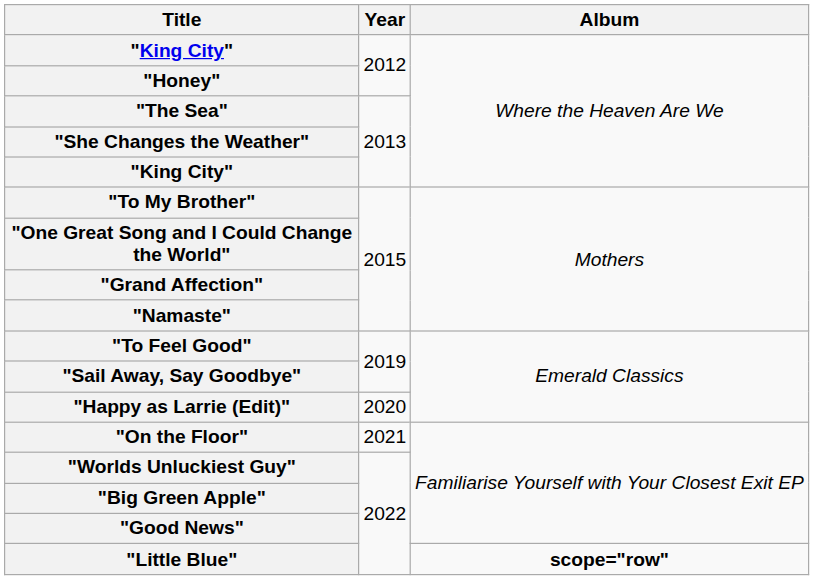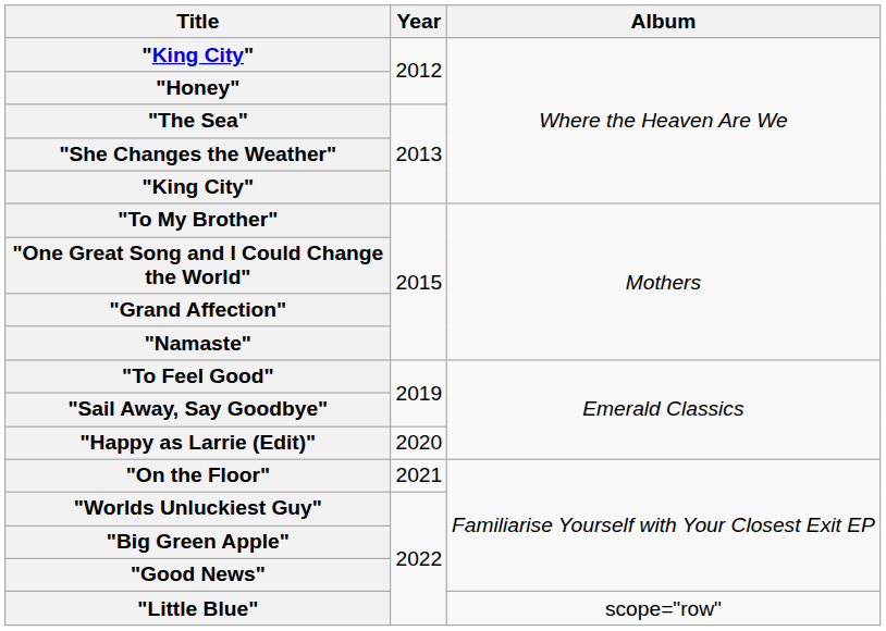 <table class="wikitable plainrowheaders" style="text-align:center;">
 <tr>
 <th scope="col" style="width:18em;">Title</th>
 <th scope="col" style="width:1em;">Year</th>
 <th scope="col">Album</th>
 </tr>
 <tr>
 <th scope="row">"<a href='#'>King City</a>"<br></th>
 <td rowspan="2">2012</td>
 <td rowspan="5"><em>Where the Heaven Are We</em></td>
 </tr>
 <tr>
 <th scope="row">"Honey"</th>
 </tr>
 <tr>
 <th scope="row">"The Sea"</th>
 <td rowspan="3">2013</td>
 </tr>
 <tr>
 <th scope="row">"She Changes the Weather"</th>
 </tr>
 <tr>
 <th scope="row">"King City" </th>
 </tr>
 <tr>
 <th scope="row">"To My Brother"</th>
 <td rowspan="4">2015</td>
 <td rowspan="4"><em>Mothers</em></td>
 </tr>
 <tr>
 <th scope="row">"One Great Song and I Could Change the World"</th>
 </tr>
 <tr>
 <th scope="row">"Grand Affection"</th>
 </tr>
 <tr>
 <th scope="row">"Namaste"</th>
 </tr>
 <tr>
 <th scope="row">"To Feel Good"</th>
 <td rowspan="2">2019</td>
 <td rowspan="3"><em>Emerald Classics</em></td>
 </tr>
 <tr>
 <th scope="row">"Sail Away, Say Goodbye"</th>
 </tr>
 <tr>
 <th scope="row">"Happy as Larrie (Edit)"</th>
 <td rowspan="1">2020</td>
 </tr>
 <tr>
 <th scope="row">"On the Floor" </th>
 <td rowspan="1">2021</td>
 <td rowspan="4"><em>Familiarise Yourself with Your Closest Exit EP</em></td>
 </tr>
 <tr>
 <th scope="row">"Worlds Unluckiest Guy" </th>
 <td rowspan="4">2022</td>
 </tr>
 <tr>
 <th scope="row">"Big Green Apple" </th>
 </tr>
 <tr>
 <th scope="row">"Good News" </th>
 </tr>
 <tr>
 <th scope="row">"Little Blue"</th>
-<td><strong>scope="row" </strong></td>
+<td>scope="row" </td>
 </tr>
 </table>
